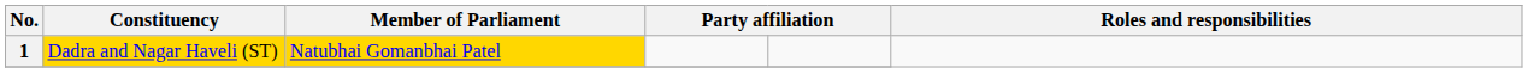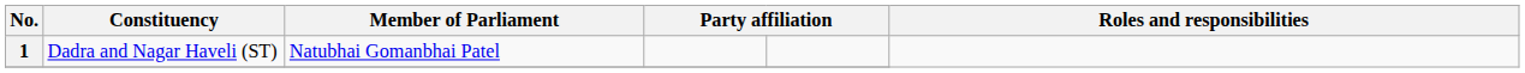 <table class="wikitable">
 <tr style="text-align:center;">
 <th>No.</th>
 <th style="width:12em">Constituency</th>
 <th style="width:18em">Member of Parliament</th>
 <th colspan="2" style="width:18em">Party affiliation</th>
 <th style="width:32em">Roles and responsibilities</th>
 </tr>
 <tr>
 <th>1</th>
-<td style="background: gold;"><a href='#'>Dadra and Nagar Haveli</a> (ST)</td>
-<td style="background: gold;"><a href='#'>Natubhai Gomanbhai Patel</a></td>
+<td><a href='#'>Dadra and Nagar Haveli</a> (ST)</td>
+<td><a href='#'>Natubhai Gomanbhai Patel</a></td>
 <td></td>
 <td></td>
 </tr>
 <tr>
 </tr>
 </table>
